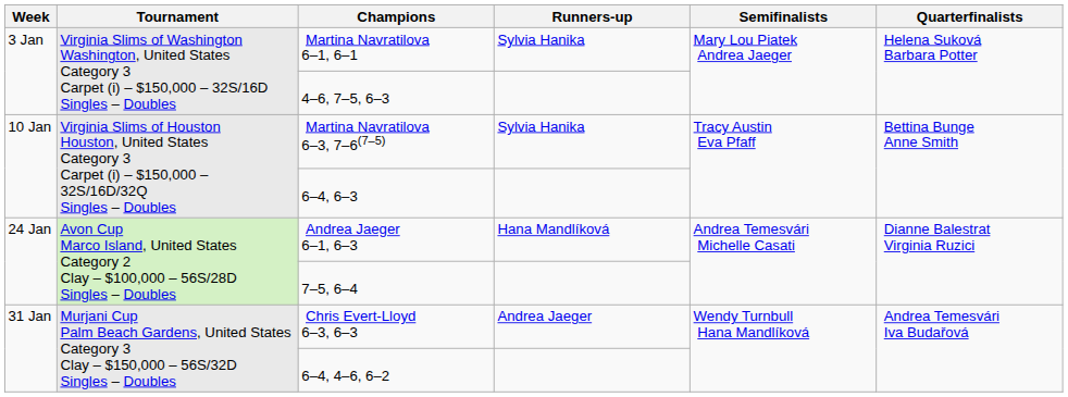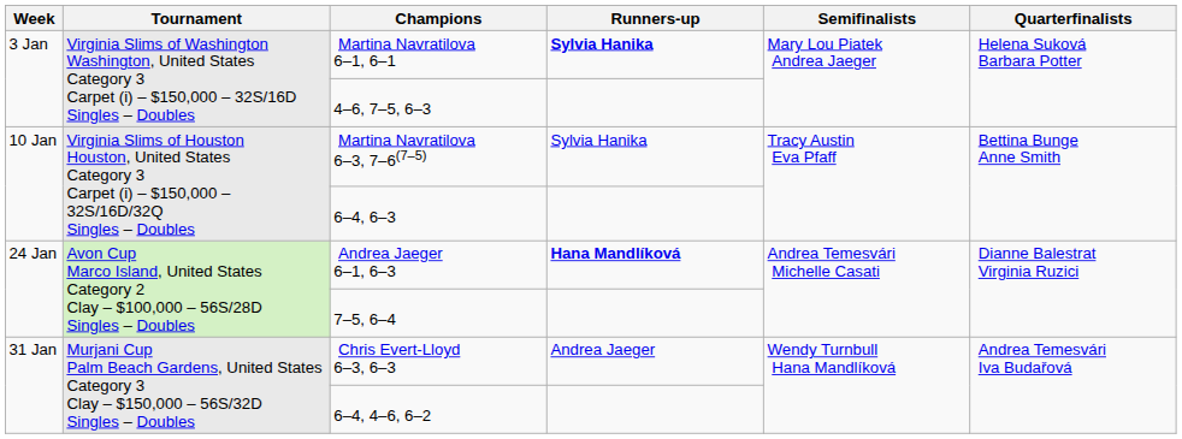 <table class=wikitable style=font-size:95%>
 <tr>
 <th style="width:48px;">Week</th>
 <th style="width:248px;">Tournament</th>
 <th style="width:200px;">Champions</th>
 <th style="width:200px;">Runners-up</th>
 <th style="width:190px;">Semifinalists</th>
 <th style="width:190px;">Quarterfinalists</th>
 </tr>
 <tr valign="top">
 <td rowspan=2>3 Jan</td>
 <td rowspan=2 style="background:#e9e9e9;"><a href='#'>Virginia Slims of Washington</a><br> <a href='#'>Washington</a>, United States<br>Category 3<br>Carpet (i) – $150,000 – 32S/16D <br><a href='#'>Singles</a> – <a href='#'>Doubles</a></td>
 <td> <a href='#'>Martina Navratilova</a><br>6–1, 6–1</td>
-<td> <a href='#'>Sylvia Hanika</a></td>
+<td><strong> <a href='#'>Sylvia Hanika</a></strong></td>
 <td rowspan=2>  <a href='#'>Mary Lou Piatek</a><br> <a href='#'>Andrea Jaeger</a></td>
 <td rowspan=2> <a href='#'>Helena Suková</a><br> <a href='#'>Barbara Potter</a><br></td>
 </tr>
 <tr valign="top">
 <td><br>4–6, 7–5, 6–3</td>
 <td></td>
 </tr>
 <tr valign="top">
 <td rowspan=2>10 Jan</td>
 <td rowspan=2 style="background:#e9e9e9;"><a href='#'>Virginia Slims of Houston</a><br> <a href='#'>Houston</a>, United States<br>Category 3<br>Carpet (i) – $150,000 – 32S/16D/32Q <br><a href='#'>Singles</a> – <a href='#'>Doubles</a></td>
 <td> <a href='#'>Martina Navratilova</a><br>6–3, 7–6<sup>(7–5)</sup></td>
 <td> <a href='#'>Sylvia Hanika</a></td>
 <td rowspan=2>  <a href='#'>Tracy Austin</a><br> <a href='#'>Eva Pfaff</a></td>
 <td rowspan=2> <a href='#'>Bettina Bunge</a><br> <a href='#'>Anne Smith</a><br></td>
 </tr>
 <tr valign="top">
 <td><br> 6–4, 6–3</td>
 <td></td>
 </tr>
 <tr valign="top">
 <td rowspan=2>24 Jan</td>
 <td rowspan=2 style="background:#d4f1c5;"><a href='#'>Avon Cup</a><br> <a href='#'>Marco Island</a>, United States<br>Category 2<br>Clay – $100,000 – 56S/28D <br><a href='#'>Singles</a> – <a href='#'>Doubles</a></td>
 <td> <a href='#'>Andrea Jaeger</a><br>6–1, 6–3</td>
-<td> <a href='#'>Hana Mandlíková</a></td>
+<td><strong> <a href='#'>Hana Mandlíková</a></strong></td>
 <td rowspan=2>  <a href='#'>Andrea Temesvári</a><br> <a href='#'>Michelle Casati</a></td>
 <td rowspan=2> <a href='#'>Dianne Balestrat</a><br> <a href='#'>Virginia Ruzici</a><br></td>
 </tr>
 <tr valign="top">
 <td><br> 7–5, 6–4</td>
 <td></td>
 </tr>
 <tr valign="top">
 <td rowspan=2>31 Jan</td>
 <td rowspan=2 style="background:#e9e9e9;"><a href='#'>Murjani Cup</a><br> <a href='#'>Palm Beach Gardens</a>, United States<br>Category 3<br>Clay – $150,000 – 56S/32D <br><a href='#'>Singles</a> – <a href='#'>Doubles</a></td>
 <td> <a href='#'>Chris Evert-Lloyd</a><br>6–3, 6–3</td>
 <td> <a href='#'>Andrea Jaeger</a></td>
 <td rowspan=2>  <a href='#'>Wendy Turnbull</a><br> <a href='#'>Hana Mandlíková</a></td>
 <td rowspan=2> <a href='#'>Andrea Temesvári</a><br> <a href='#'>Iva Budařová</a><br></td>
 </tr>
 <tr valign="top">
 <td><br> 6–4, 4–6, 6–2</td>
 <td></td>
 </tr>
 </table>
